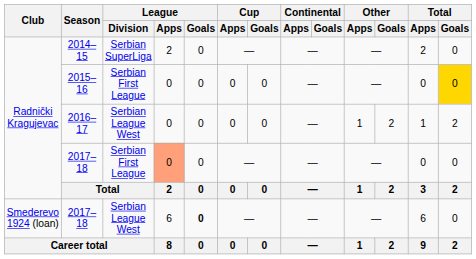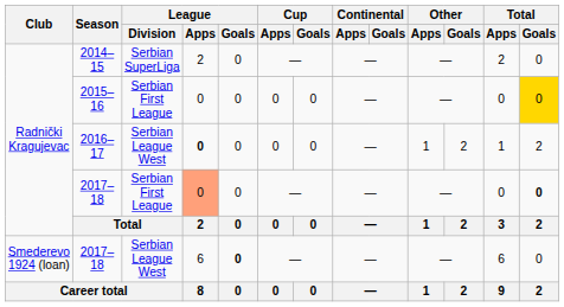 <table class="wikitable" style="text-align:center">
 <tr>
 <th rowspan="2">Club</th>
 <th rowspan="2">Season</th>
 <th colspan="3">League</th>
 <th colspan="2">Cup</th>
 <th colspan="2">Continental</th>
 <th colspan="2">Other</th>
 <th colspan="2">Total</th>
 </tr>
 <tr>
 <th>Division</th>
 <th>Apps</th>
 <th>Goals</th>
 <th>Apps</th>
 <th>Goals</th>
 <th>Apps</th>
 <th>Goals</th>
 <th>Apps</th>
 <th>Goals</th>
 <th>Apps</th>
 <th>Goals</th>
 </tr>
 <tr>
 <td rowspan="5"><a href='#'>Radnički Kragujevac</a></td>
 <td><a href='#'>2014–15</a></td>
 <td><a href='#'>Serbian SuperLiga</a></td>
 <td>2</td>
 <td>0</td>
 <td colspan="2">—</td>
 <td colspan="2">—</td>
 <td colspan="2">—</td>
 <td>2</td>
 <td>0</td>
 </tr>
 <tr>
 <td><a href='#'>2015–16</a></td>
 <td><a href='#'>Serbian First League</a></td>
 <td>0</td>
 <td>0</td>
 <td>0</td>
 <td>0</td>
 <td colspan="2">—</td>
 <td colspan="2">—</td>
 <td>0</td>
 <td style="background: gold;">0</td>
 </tr>
 <tr>
 <td><a href='#'>2016–17</a></td>
 <td><a href='#'>Serbian League West</a></td>
-<td>0</td>
+<td><strong>0</strong></td>
 <td>0</td>
 <td>0</td>
 <td>0</td>
 <td colspan="2">—</td>
 <td>1</td>
 <td>2</td>
 <td>1</td>
 <td>2</td>
 </tr>
 <tr>
 <td><a href='#'>2017–18</a></td>
 <td><a href='#'>Serbian First League</a></td>
 <td style="background: lightsalmon;">0</td>
 <td>0</td>
 <td colspan="2">—</td>
 <td colspan="2">—</td>
 <td colspan="2">—</td>
 <td>0</td>
-<td>0</td>
+<td><strong>0</strong></td>
 </tr>
 <tr>
 <th colspan="2">Total</th>
 <th>2</th>
 <th>0</th>
 <th>0</th>
 <th>0</th>
 <th colspan="2">—</th>
 <th>1</th>
 <th>2</th>
 <th>3</th>
 <th>2</th>
 </tr>
 <tr>
 <td><a href='#'>Smederevo 1924</a> (loan)</td>
 <td><a href='#'>2017–18</a></td>
 <td><a href='#'>Serbian League West</a></td>
 <td>6</td>
 <td><strong>0</strong></td>
 <td colspan="2">—</td>
 <td colspan="2">—</td>
 <td colspan="2">—</td>
 <td>6</td>
 <td>0</td>
 </tr>
 <tr>
 <th colspan="3">Career total</th>
 <th>8</th>
 <th>0</th>
 <th>0</th>
 <th>0</th>
 <th colspan="2">—</th>
 <th>1</th>
 <th>2</th>
 <th>9</th>
 <th>2</th>
 </tr>
 </table>
